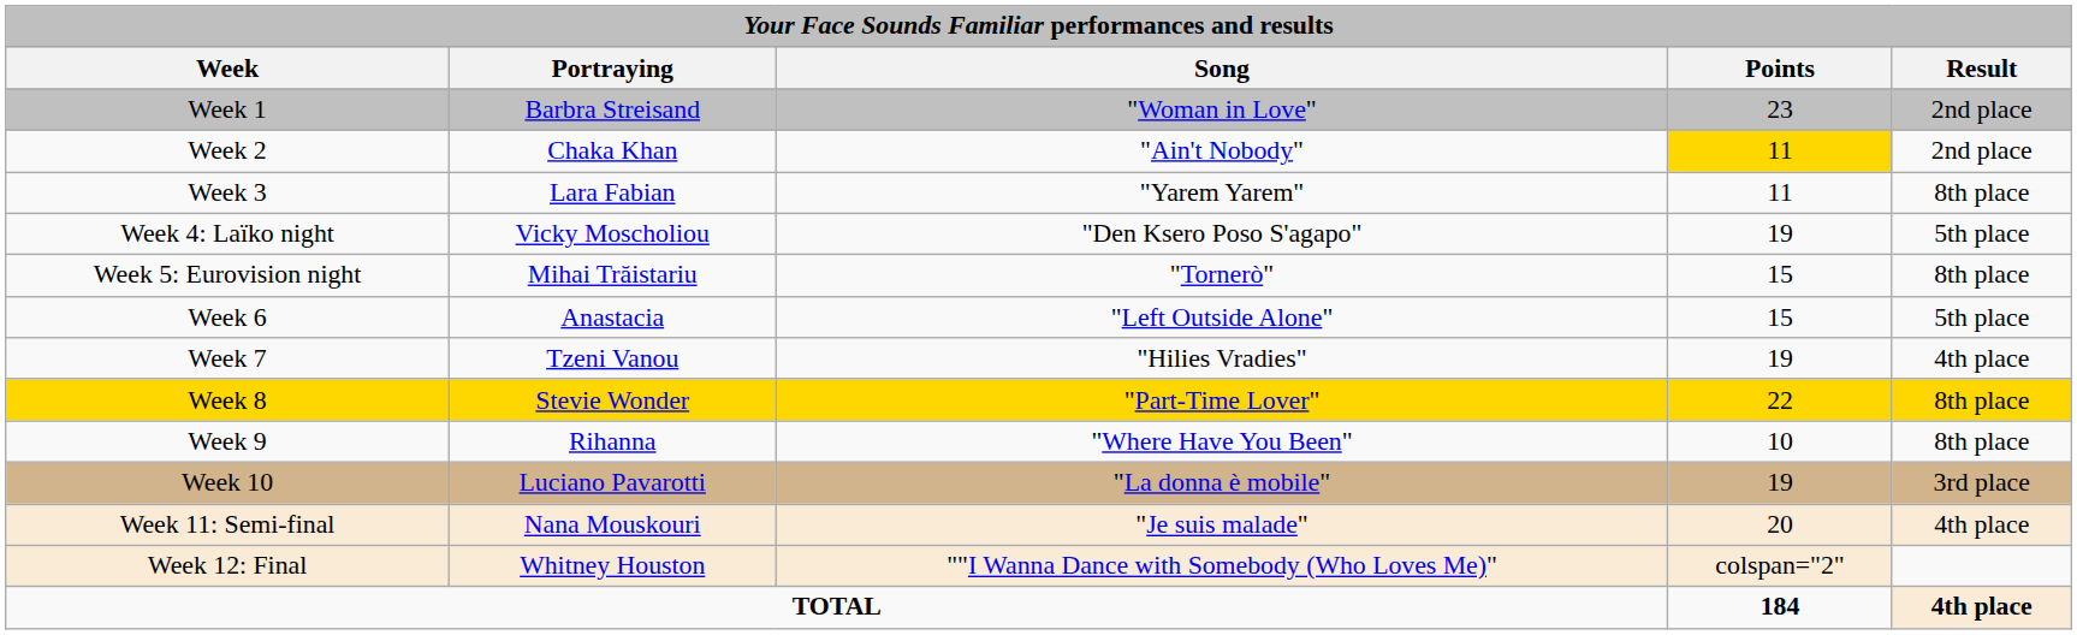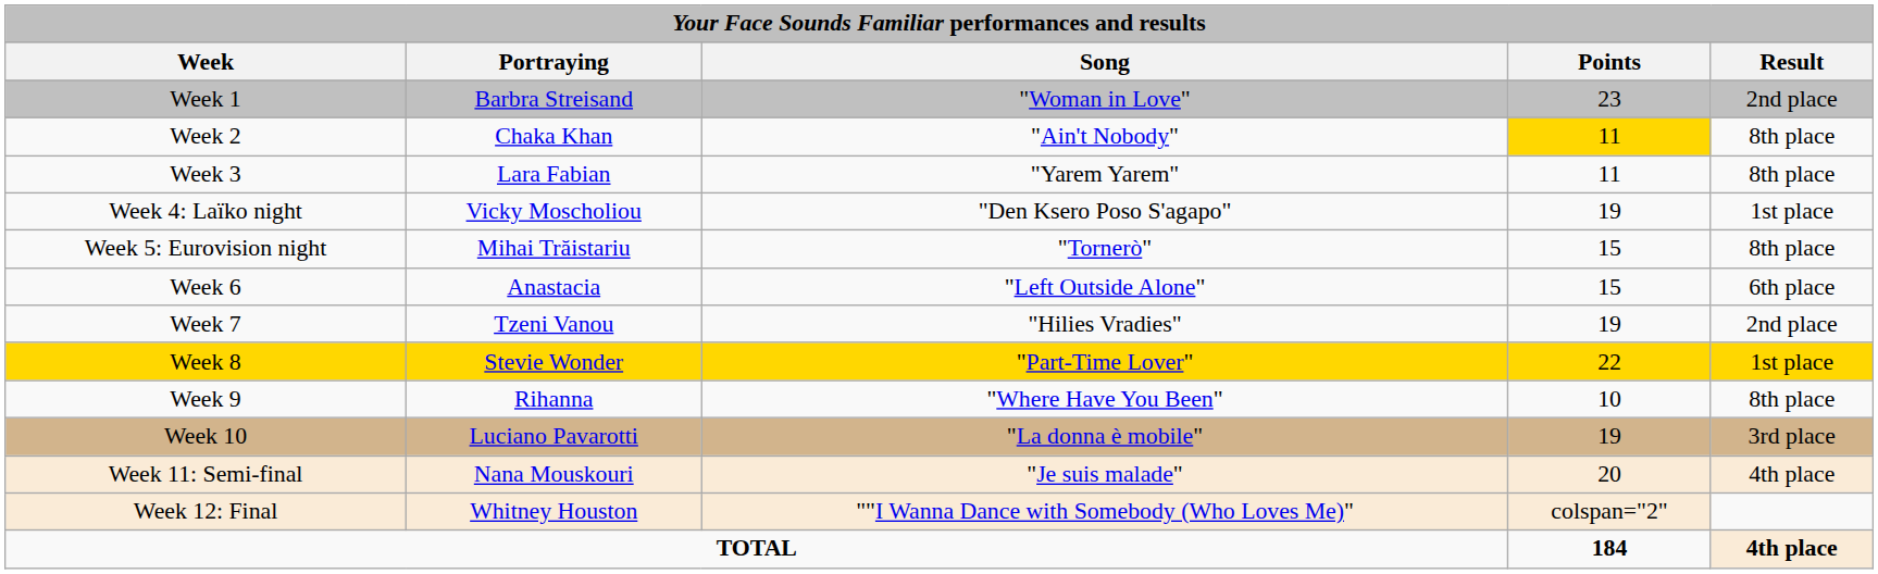 <table class="wikitable collapsible collapsed" style="width:100%; margin:1em auto 1em auto; text-align:center;">
 <tr>
 <th colspan="5" style="background:#BFBFBF;"><em>Your Face Sounds Familiar</em> performances and results</th>
 </tr>
 <tr>
 </tr>
 <tr>
 <th>Week</th>
 <th>Portraying</th>
 <th>Song</th>
 <th>Points</th>
 <th>Result</th>
 </tr>
 <tr bgcolor=silver>
 <td>Week 1</td>
 <td><a href='#'>Barbra Streisand</a></td>
 <td>"<a href='#'>Woman in Love</a>"</td>
 <td>23</td>
 <td>2nd place</td>
 </tr>
 <tr>
 <td>Week 2</td>
 <td><a href='#'>Chaka Khan</a></td>
 <td>"<a href='#'>Ain't Nobody</a>"</td>
 <td style="background: gold;">11</td>
-<td>2nd place</td>
+<td>8th place</td>
 </tr>
 <tr>
 <td>Week 3</td>
 <td><a href='#'>Lara Fabian</a></td>
 <td>"Yarem Yarem"</td>
 <td>11</td>
 <td>8th place</td>
 </tr>
 <tr>
 <td>Week 4: Laïko night</td>
 <td><a href='#'>Vicky Moscholiou</a></td>
 <td>"Den Ksero Poso S'agapo"</td>
 <td>19</td>
-<td>5th place</td>
+<td>1st place</td>
 </tr>
 <tr>
 <td>Week 5: Eurovision night</td>
 <td><a href='#'>Mihai Trăistariu</a></td>
 <td>"<a href='#'>Tornerò</a>"</td>
 <td>15</td>
 <td>8th place</td>
 </tr>
 <tr>
 <td>Week 6</td>
 <td><a href='#'>Anastacia</a></td>
 <td>"<a href='#'>Left Outside Alone</a>"</td>
 <td>15</td>
-<td>5th place</td>
+<td>6th place</td>
 </tr>
 <tr>
 <td>Week 7</td>
 <td><a href='#'>Tzeni Vanou</a></td>
 <td>"Hilies Vradies"</td>
 <td>19</td>
-<td>4th place</td>
+<td>2nd place</td>
 </tr>
 <tr bgcolor=gold>
 <td>Week 8</td>
 <td><a href='#'>Stevie Wonder</a></td>
 <td>"<a href='#'>Part-Time Lover</a>"</td>
 <td>22</td>
-<td>8th place</td>
+<td>1st place</td>
 </tr>
 <tr>
 <td>Week 9</td>
 <td><a href='#'>Rihanna</a></td>
 <td>"<a href='#'>Where Have You Been</a>"</td>
 <td>10</td>
 <td>8th place</td>
 </tr>
 <tr bgcolor=tan>
 <td>Week 10</td>
 <td><a href='#'>Luciano Pavarotti</a></td>
 <td>"<a href='#'>La donna è mobile</a>"</td>
 <td>19</td>
 <td>3rd place</td>
 </tr>
 <tr bgcolor=antiquewhite>
 <td>Week 11: Semi-final</td>
 <td><a href='#'>Nana Mouskouri</a></td>
 <td>"<a href='#'>Je suis malade</a>"</td>
 <td>20</td>
 <td>4th place</td>
 </tr>
 <tr bgcolor=antiquewhite>
 <td>Week 12: Final</td>
 <td><a href='#'>Whitney Houston</a></td>
 <td>""<a href='#'>I Wanna Dance with Somebody (Who Loves Me)</a>"</td>
 <td>colspan="2" </td>
 </tr>
 <tr>
 <td colspan="3" style="text-align:center;"><strong>TOTAL</strong></td>
 <td><strong>184</strong></td>
 <td bgcolor=antiquewhite><strong>4th place</strong></td>
 </tr>
 </table>
